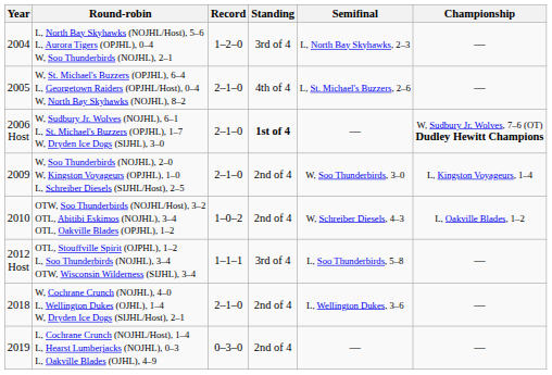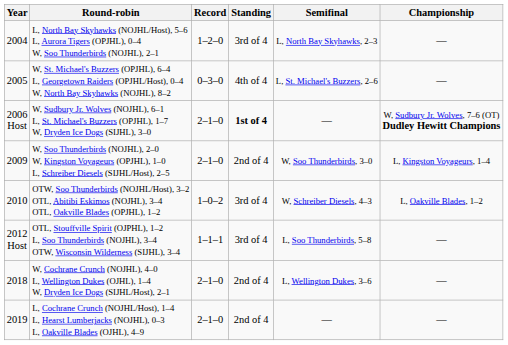 <table class="wikitable" style="text-align:center">
 <tr>
 <th>Year</th>
 <th>Round-robin</th>
 <th>Record</th>
 <th>Standing</th>
 <th>Semifinal</th>
 <th>Championship</th>
 </tr>
 <tr>
 <td>2004</td>
 <td align=left><small>L, <a href='#'>North Bay Skyhawks</a> (NOJHL/Host), 5–6<br>L, <a href='#'>Aurora Tigers</a> (OPJHL), 0–4<br>W, <a href='#'>Soo Thunderbirds</a> (NOJHL), 2–1</small></td>
 <td>1–2–0</td>
 <td>3rd of 4</td>
 <td><small>L, <a href='#'>North Bay Skyhawks</a>, 2–3</small></td>
 <td>—</td>
 </tr>
 <tr>
 <td>2005</td>
 <td align=left><small>W, <a href='#'>St. Michael's Buzzers</a> (OPJHL), 6–4<br>L, <a href='#'>Georgetown Raiders</a> (OPJHL/Host), 0–4<br>W, <a href='#'>North Bay Skyhawks</a> (NOJHL), 8–2</small></td>
-<td>2–1–0</td>
+<td>0–3–0</td>
 <td>4th of 4</td>
 <td><small>L, <a href='#'>St. Michael's Buzzers</a>, 2–6</small></td>
 <td>—</td>
 </tr>
 <tr>
 <td>2006<br>Host</td>
 <td align=left><small>W, <a href='#'>Sudbury Jr. Wolves</a> (NOJHL), 6–1<br>L, <a href='#'>St. Michael's Buzzers</a> (OPJHL), 1–7<br>W, <a href='#'>Dryden Ice Dogs</a> (SIJHL), 3–0</small></td>
 <td>2–1–0</td>
 <td><strong>1st of 4</strong></td>
 <td>—</td>
 <td><small>W, <a href='#'>Sudbury Jr. Wolves</a>, 7–6 (OT)</small><br><strong>Dudley Hewitt Champions</strong></td>
 </tr>
 <tr>
 <td>2009</td>
 <td align=left><small>W, <a href='#'>Soo Thunderbirds</a> (NOJHL), 2–0<br>W, <a href='#'>Kingston Voyageurs</a> (OPJHL), 1–0<br>L, <a href='#'>Schreiber Diesels</a> (SIJHL/Host), 2–5</small></td>
 <td>2–1–0</td>
 <td>2nd of 4</td>
 <td><small>W, <a href='#'>Soo Thunderbirds</a>, 3–0</small></td>
 <td><small>L, <a href='#'>Kingston Voyageurs</a>, 1–4</small></td>
 </tr>
 <tr>
 <td>2010</td>
 <td align=left><small>OTW, <a href='#'>Soo Thunderbirds</a> (NOJHL/Host), 3–2<br>OTL, <a href='#'>Abitibi Eskimos</a> (NOJHL), 3–4<br>OTL, <a href='#'>Oakville Blades</a> (OPJHL), 1–2</small></td>
 <td>1–0–2</td>
-<td>2nd of 4</td>
+<td>3rd of 4</td>
 <td><small>W, <a href='#'>Schreiber Diesels</a>, 4–3</small></td>
 <td><small>L, <a href='#'>Oakville Blades</a>, 1–2</small></td>
 </tr>
 <tr>
 <td>2012<br>Host</td>
 <td align=left><small>OTL, <a href='#'>Stouffville Spirit</a> (OJPHL), 1–2<br>L, <a href='#'>Soo Thunderbirds</a> (NOJHL), 3–4<br>OTW, <a href='#'>Wisconsin Wilderness</a> (SIJHL), 3–4</small></td>
 <td>1–1–1</td>
 <td>3rd of 4</td>
 <td><small>L, <a href='#'>Soo Thunderbirds</a>, 5–8</small></td>
 <td>—</td>
 </tr>
 <tr>
 <td>2018</td>
 <td align=left><small>W, <a href='#'>Cochrane Crunch</a> (NOJHL), 4–0<br>L, <a href='#'>Wellington Dukes</a> (OJHL), 1–4<br>W, <a href='#'>Dryden Ice Dogs</a> (SIJHL/Host), 2–1</small></td>
 <td>2–1–0</td>
 <td>2nd of 4</td>
 <td><small>L, <a href='#'>Wellington Dukes</a>, 3–6</small></td>
 <td>—</td>
 </tr>
 <tr>
 <td>2019</td>
 <td align=left><small>L, <a href='#'>Cochrane Crunch</a> (NOJHL/Host), 1–4<br>L, <a href='#'>Hearst Lumberjacks</a> (NOJHL), 0–3<br>L, <a href='#'>Oakville Blades</a> (OJHL), 4–9</small></td>
-<td>0–3–0</td>
+<td>2–1–0</td>
 <td>2nd of 4</td>
 <td>—</td>
 <td>—</td>
 </tr>
 </table>
